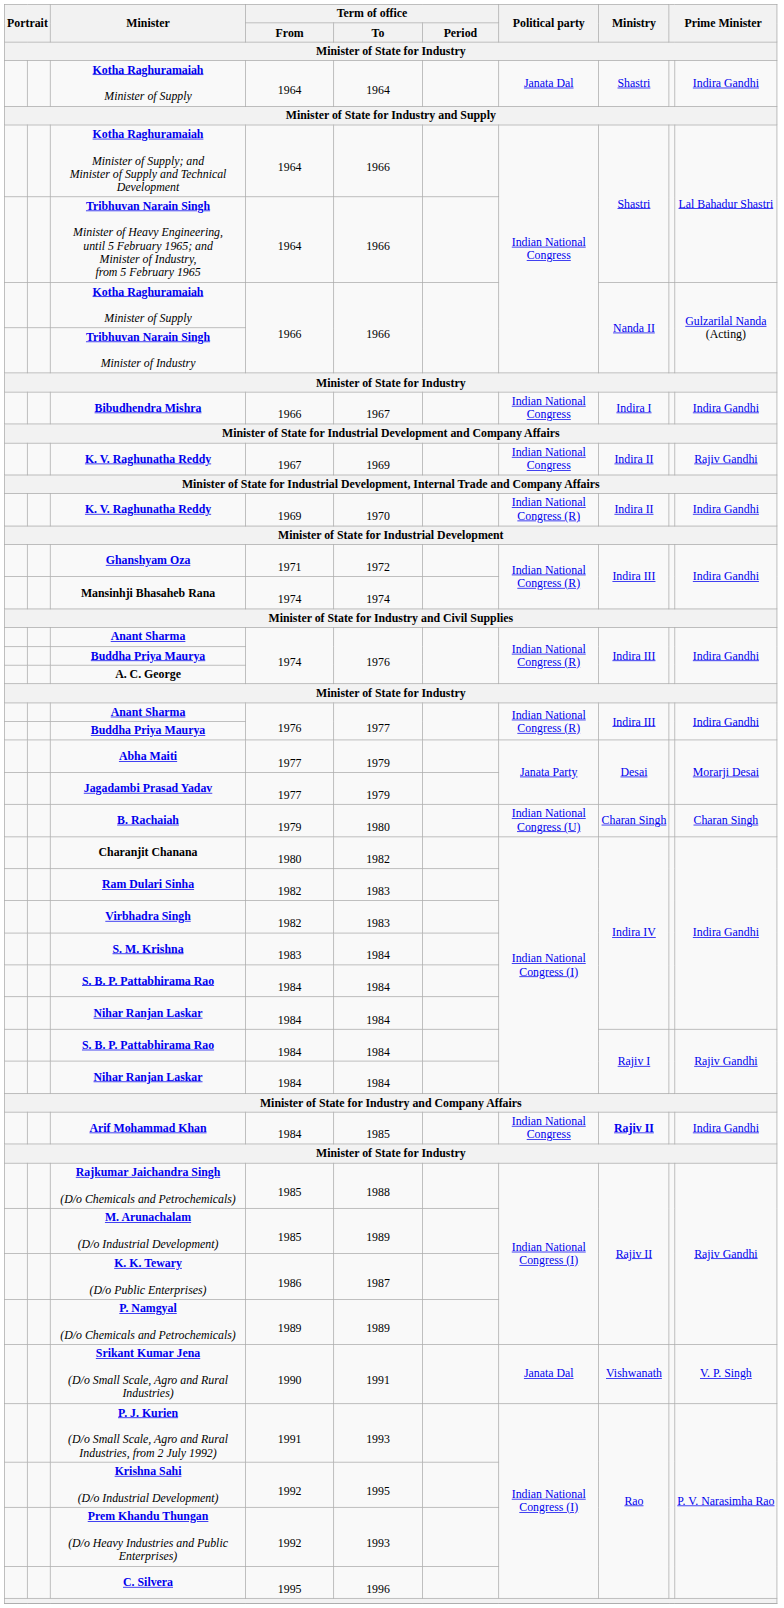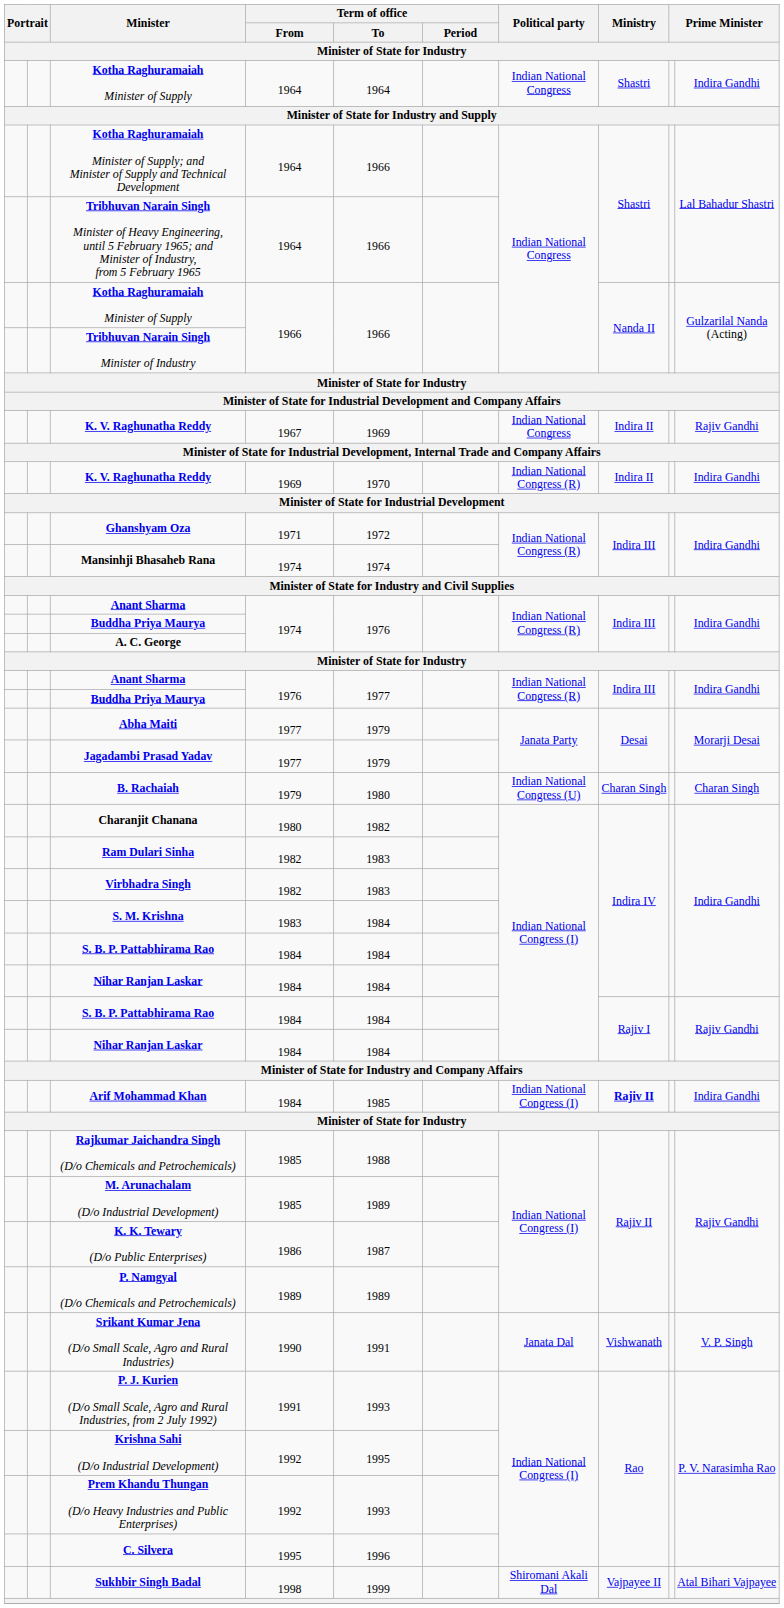 <table class="wikitable" style="text-align:center">
 <tr>
 <th rowspan="2" colspan="2">Portrait</th>
 <th rowspan="2" style="width:16em">Minister<br></th>
 <th colspan="3">Term of office</th>
 <th rowspan="2" style="width:8em">Political party</th>
 <th rowspan="2">Ministry</th>
 <th rowspan="2" colspan="2">Prime Minister</th>
 </tr>
 <tr>
 <th style="width:7em">From</th>
 <th style="width:7em">To</th>
 <th style="width:6em">Period</th>
 </tr>
 <tr>
 <th colspan="10">Minister of State for Industry</th>
 </tr>
 <tr>
 <td></td>
 <td></td>
 <td><strong><a href='#'>Kotha Raghuramaiah</a></strong><br><br><em>Minister of Supply</em></td>
 <td><br>1964</td>
 <td><br>1964</td>
 <td><strong></strong></td>
-<td><a href='#'>Janata Dal</a></td>
+<td><a href='#'>Indian National Congress</a></td>
 <td><a href='#'>Shastri</a></td>
 <td></td>
 <td><a href='#'>Indira Gandhi</a></td>
 </tr>
 <tr>
 <th colspan="10">Minister of State for Industry and Supply</th>
 </tr>
 <tr>
 <td></td>
 <td></td>
 <td><strong><a href='#'>Kotha Raghuramaiah</a></strong><br><br><em>Minister of Supply; and<br>Minister of Supply and Technical Development</em></td>
 <td><br>1964</td>
 <td><br>1966</td>
 <td><strong></strong></td>
 <td rowspan="4"><a href='#'>Indian National Congress</a></td>
 <td rowspan="2"><a href='#'>Shastri</a></td>
 <td rowspan="2"></td>
 <td rowspan="2"><a href='#'>Lal Bahadur Shastri</a></td>
 </tr>
 <tr>
 <td></td>
 <td></td>
 <td><strong><a href='#'>Tribhuvan Narain Singh</a></strong><br><br><em>Minister of Heavy Engineering,<br>until 5 February 1965; and<br>Minister of Industry,<br>from 5 February 1965</em></td>
 <td><br>1964</td>
 <td><br>1966</td>
 <td><strong></strong></td>
 </tr>
 <tr>
 <td></td>
 <td></td>
 <td><strong><a href='#'>Kotha Raghuramaiah</a></strong><br><br><em>Minister of Supply</em></td>
 <td rowspan="2"><br>1966</td>
 <td rowspan="2"><br>1966</td>
 <td rowspan="2"><strong></strong></td>
 <td rowspan="2"><a href='#'>Nanda II</a></td>
 <td rowspan="2"></td>
 <td rowspan="2"><a href='#'>Gulzarilal Nanda</a><br>(Acting)</td>
 </tr>
 <tr>
 <td></td>
 <td></td>
 <td><strong><a href='#'>Tribhuvan Narain Singh</a></strong><br><br><em>Minister of Industry</em></td>
 </tr>
 <tr>
 <th colspan="10">Minister of State for Industry</th>
-</tr>
-<tr>
-<td></td>
-<td></td>
-<td><strong><a href='#'>Bibudhendra Mishra</a></strong><br></td>
-<td><br>1966</td>
-<td><br>1967</td>
-<td><strong></strong></td>
-<td><a href='#'>Indian National Congress</a></td>
-<td><a href='#'>Indira I</a></td>
-<td></td>
-<td><a href='#'>Indira Gandhi</a></td>
 </tr>
 <tr>
 <th colspan="10">Minister of State for Industrial Development and Company Affairs</th>
 </tr>
 <tr>
 <td></td>
 <td></td>
 <td><strong><a href='#'>K. V. Raghunatha Reddy</a></strong><br></td>
 <td><br>1967</td>
 <td><br>1969</td>
 <td><strong></strong></td>
 <td><a href='#'>Indian National Congress</a></td>
 <td><a href='#'>Indira II</a></td>
 <td></td>
 <td><a href='#'>Rajiv Gandhi</a></td>
 </tr>
 <tr>
 <th colspan="10">Minister of State for Industrial Development, Internal Trade and Company Affairs</th>
 </tr>
 <tr>
 <td></td>
 <td></td>
 <td><strong><a href='#'>K. V. Raghunatha Reddy</a></strong><br></td>
 <td><br>1969</td>
 <td><br>1970</td>
 <td><strong></strong></td>
 <td><a href='#'>Indian National Congress (R)</a></td>
 <td><a href='#'>Indira II</a></td>
 <td></td>
 <td><a href='#'>Indira Gandhi</a></td>
 </tr>
 <tr>
 <th colspan="10">Minister of State for Industrial Development</th>
 </tr>
 <tr>
 <td></td>
 <td></td>
 <td><strong><a href='#'>Ghanshyam Oza</a></strong><br></td>
 <td><br>1971</td>
 <td><br>1972</td>
 <td><strong></strong></td>
 <td rowspan="2"><a href='#'>Indian National Congress (R)</a></td>
 <td rowspan="2"><a href='#'>Indira III</a></td>
 <td rowspan="2"></td>
 <td rowspan="2"><a href='#'>Indira Gandhi</a></td>
 </tr>
 <tr>
 <td></td>
 <td></td>
 <td><strong>Mansinhji Bhasaheb Rana</strong><br></td>
 <td><br>1974</td>
 <td><br>1974</td>
 <td><strong></strong></td>
 </tr>
 <tr>
 <th colspan="10">Minister of State for Industry and Civil Supplies</th>
 </tr>
 <tr>
 <td></td>
 <td></td>
 <td><strong><a href='#'>Anant Sharma</a></strong><br></td>
 <td rowspan="3"><br>1974</td>
 <td rowspan="3"><br>1976</td>
 <td rowspan="3"><strong></strong></td>
 <td rowspan="3"><a href='#'>Indian National Congress (R)</a></td>
 <td rowspan="3"><a href='#'>Indira III</a></td>
 <td rowspan="3"></td>
 <td rowspan="3"><a href='#'>Indira Gandhi</a></td>
 </tr>
 <tr>
 <td></td>
 <td></td>
 <td><strong><a href='#'>Buddha Priya Maurya</a></strong><br></td>
 </tr>
 <tr>
 <td></td>
 <td></td>
 <td><strong>A. C. George</strong><br></td>
 </tr>
 <tr>
 <th colspan="10">Minister of State for Industry</th>
 </tr>
 <tr>
 <td></td>
 <td></td>
 <td><strong><a href='#'>Anant Sharma</a></strong><br></td>
 <td rowspan="2"><br>1976</td>
 <td rowspan="2"><br>1977</td>
 <td rowspan="2"><strong></strong></td>
 <td rowspan="2"><a href='#'>Indian National Congress (R)</a></td>
 <td rowspan="2"><a href='#'>Indira III</a></td>
 <td rowspan="2"></td>
 <td rowspan="2"><a href='#'>Indira Gandhi</a></td>
 </tr>
 <tr>
 <td></td>
 <td></td>
 <td><strong><a href='#'>Buddha Priya Maurya</a></strong><br></td>
 </tr>
 <tr>
 <td></td>
 <td></td>
 <td><strong><a href='#'>Abha Maiti</a></strong><br></td>
 <td><br>1977</td>
 <td><br>1979</td>
 <td><strong></strong></td>
 <td rowspan="2"><a href='#'>Janata Party</a></td>
 <td rowspan="2"><a href='#'>Desai</a></td>
 <td rowspan="2"></td>
 <td rowspan="2"><a href='#'>Morarji Desai</a></td>
 </tr>
 <tr>
 <td></td>
 <td></td>
 <td><strong><a href='#'>Jagadambi Prasad Yadav</a></strong><br></td>
 <td><br>1977</td>
 <td><br>1979</td>
 <td><strong></strong></td>
 </tr>
 <tr>
 <td style="background:"></td>
 <td></td>
 <td><strong><a href='#'>B. Rachaiah</a></strong><br></td>
 <td><br>1979</td>
 <td><br>1980</td>
 <td><strong></strong></td>
 <td><a href='#'>Indian National Congress (U)</a></td>
 <td><a href='#'>Charan Singh</a></td>
 <td></td>
 <td><a href='#'>Charan Singh</a></td>
 </tr>
 <tr>
 <td></td>
 <td></td>
 <td><strong>Charanjit Chanana</strong><br></td>
 <td><br>1980</td>
 <td><br>1982</td>
 <td><strong></strong></td>
 <td rowspan="8"><a href='#'>Indian National Congress (I)</a></td>
 <td rowspan="6"><a href='#'>Indira IV</a></td>
 <td rowspan="6"></td>
 <td rowspan="6"><a href='#'>Indira Gandhi</a></td>
 </tr>
 <tr>
 <td></td>
 <td></td>
 <td><strong><a href='#'>Ram Dulari Sinha</a></strong><br></td>
 <td><br>1982</td>
 <td><br>1983</td>
 <td><strong></strong></td>
 </tr>
 <tr>
 <td></td>
 <td></td>
 <td><strong><a href='#'>Virbhadra Singh</a></strong><br></td>
 <td><br>1982</td>
 <td><br>1983</td>
 <td><strong></strong></td>
 </tr>
 <tr>
 <td></td>
 <td></td>
 <td><strong><a href='#'>S. M. Krishna</a></strong><br></td>
 <td><br>1983</td>
 <td><br>1984</td>
 <td><strong></strong></td>
 </tr>
 <tr>
 <td></td>
 <td></td>
 <td><strong><a href='#'>S. B. P. Pattabhirama Rao</a></strong><br></td>
 <td><br>1984</td>
 <td><br>1984</td>
 <td><strong></strong></td>
 </tr>
 <tr>
 <td></td>
 <td></td>
 <td><strong><a href='#'>Nihar Ranjan Laskar</a></strong><br></td>
 <td><br>1984</td>
 <td><br>1984</td>
 <td><strong></strong></td>
 </tr>
 <tr>
 <td></td>
 <td></td>
 <td><strong><a href='#'>S. B. P. Pattabhirama Rao</a></strong><br></td>
 <td><br>1984</td>
 <td><br>1984</td>
 <td><strong></strong></td>
 <td rowspan="2"><a href='#'>Rajiv I</a></td>
 <td rowspan="2"></td>
 <td rowspan="2"><a href='#'>Rajiv Gandhi</a></td>
 </tr>
 <tr>
 <td></td>
 <td></td>
 <td><strong><a href='#'>Nihar Ranjan Laskar</a></strong><br></td>
 <td><br>1984</td>
 <td><br>1984</td>
 <td><strong></strong></td>
 </tr>
 <tr>
 <th colspan="10">Minister of State for Industry and Company Affairs</th>
 </tr>
 <tr>
 <td></td>
 <td></td>
 <td><strong><a href='#'>Arif Mohammad Khan</a></strong><br></td>
 <td><br>1984</td>
 <td><br>1985</td>
 <td><strong></strong></td>
-<td><a href='#'>Indian National Congress</a></td>
+<td><a href='#'>Indian National Congress (I)</a></td>
 <td><strong><a href='#'>Rajiv II</a></strong></td>
 <td></td>
 <td><a href='#'>Indira Gandhi</a></td>
 </tr>
 <tr>
 <th colspan="10">Minister of State for Industry</th>
 </tr>
 <tr>
 <td></td>
 <td></td>
 <td><strong><a href='#'>Rajkumar Jaichandra Singh</a></strong><br><br><em>(D/o Chemicals and Petrochemicals)</em></td>
 <td><br>1985</td>
 <td><br>1988</td>
 <td><strong></strong></td>
 <td rowspan="4"><a href='#'>Indian National Congress (I)</a></td>
 <td rowspan="4"><a href='#'>Rajiv II</a></td>
 <td rowspan="4"></td>
 <td rowspan="4"><a href='#'>Rajiv Gandhi</a></td>
 </tr>
 <tr>
 <td></td>
 <td></td>
 <td><strong><a href='#'>M. Arunachalam</a></strong><br><br><em>(D/o Industrial Development)</em></td>
 <td><br>1985</td>
 <td><br>1989</td>
 </tr>
 <tr>
 <td></td>
 <td></td>
 <td><strong><a href='#'>K. K. Tewary</a></strong><br><br><em>(D/o Public Enterprises)</em></td>
 <td><br>1986</td>
 <td><br>1987</td>
 <td><strong></strong></td>
 </tr>
 <tr>
 <td></td>
 <td></td>
 <td><strong><a href='#'>P. Namgyal</a></strong><br><br><em>(D/o Chemicals and Petrochemicals)</em></td>
 <td><br>1989</td>
 <td><br>1989</td>
 <td><strong></strong></td>
 </tr>
 <tr>
 <td></td>
 <td></td>
 <td><strong><a href='#'>Srikant Kumar Jena</a></strong><br><br><em>(D/o Small Scale, Agro and Rural Industries)</em></td>
 <td><br>1990</td>
 <td><br>1991</td>
 <td><strong></strong></td>
 <td><a href='#'>Janata Dal</a></td>
 <td><a href='#'>Vishwanath</a></td>
 <td></td>
 <td><a href='#'>V. P. Singh</a></td>
 </tr>
 <tr>
 <td></td>
 <td></td>
 <td><strong><a href='#'>P. J. Kurien</a></strong><br><br><em>(D/o Small Scale, Agro and Rural Industries, from 2 July 1992)</em></td>
 <td><br>1991</td>
 <td><br>1993</td>
 <td><strong></strong></td>
 <td rowspan="4"><a href='#'>Indian National Congress (I)</a></td>
 <td rowspan="4"><a href='#'>Rao</a></td>
 <td rowspan="4"></td>
 <td rowspan="4"><a href='#'>P. V. Narasimha Rao</a></td>
 </tr>
 <tr>
 <td></td>
 <td></td>
 <td><strong><a href='#'>Krishna Sahi</a></strong><br><br><em>(D/o Industrial Development)</em></td>
 <td><br>1992</td>
 <td><br>1995</td>
 <td><strong></strong></td>
 </tr>
 <tr>
 <td></td>
 <td></td>
 <td><strong><a href='#'>Prem Khandu Thungan</a></strong><br><br><em>(D/o Heavy Industries and Public Enterprises)</em></td>
 <td><br>1992</td>
 <td><br>1993</td>
 <td><strong></strong></td>
 </tr>
 <tr>
 <td></td>
 <td></td>
 <td><strong><a href='#'>C. Silvera</a></strong><br></td>
 <td><br>1995</td>
 <td><br>1996</td>
 <td><strong></strong></td>
 </tr>
 <tr>
+<td></td>
+<td></td>
+<td><strong><a href='#'>Sukhbir Singh Badal</a></strong><br></td>
+<td><br>1998</td>
+<td><br>1999</td>
+<td><strong></strong></td>
+<td><a href='#'>Shiromani Akali Dal</a></td>
+<td><a href='#'>Vajpayee II</a></td>
+<td></td>
+<td><a href='#'>Atal Bihari Vajpayee</a></td>
+</tr>
+<tr>
 <th colspan="10"></th>
 </tr>
 <tr>
 </tr>
 </table>
